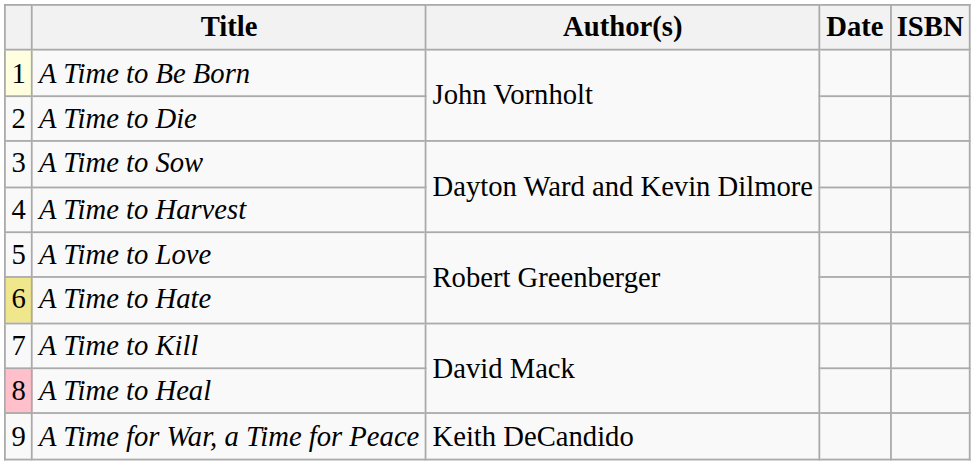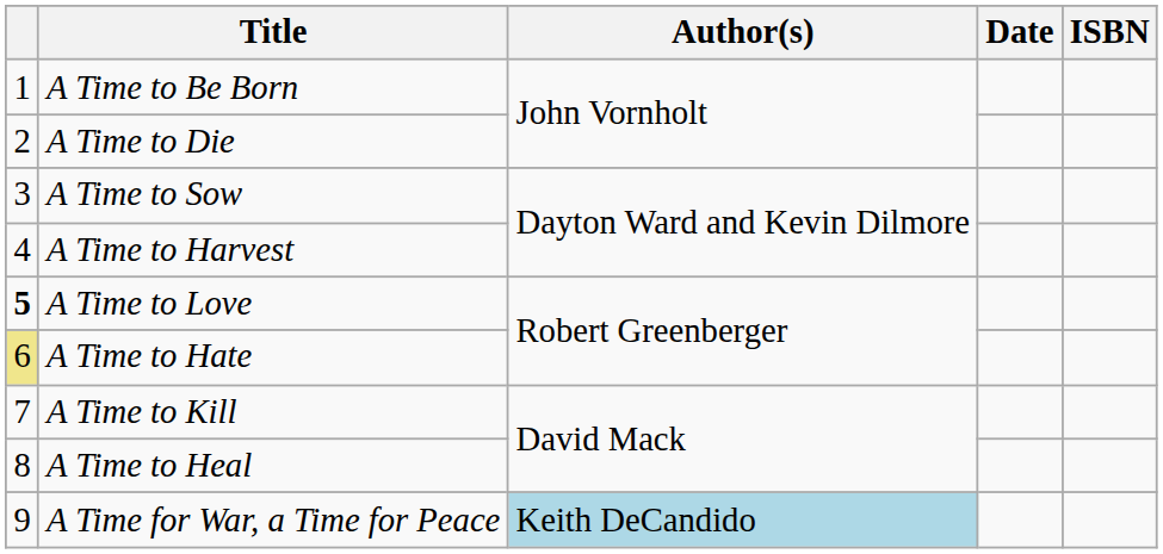 <table class="wikitable">
 <tr>
 <th></th>
 <th>Title</th>
 <th>Author(s)</th>
 <th>Date</th>
 <th>ISBN</th>
 </tr>
 <tr>
-<td style="background: lightyellow;">1</td>
+<td>1</td>
 <td><em>A Time to Be Born</em></td>
 <td rowspan="2">John Vornholt</td>
 <td></td>
 <td></td>
 </tr>
 <tr>
 <td>2</td>
 <td><em>A Time to Die</em></td>
 <td></td>
 <td></td>
 </tr>
 <tr>
 <td>3</td>
 <td><em>A Time to Sow</em></td>
 <td rowspan="2">Dayton Ward and Kevin Dilmore</td>
 <td></td>
 <td></td>
 </tr>
 <tr>
 <td>4</td>
 <td><em>A Time to Harvest</em></td>
 <td></td>
 <td></td>
 </tr>
 <tr>
-<td>5</td>
+<td><strong>5</strong></td>
 <td><em>A Time to Love</em></td>
 <td rowspan="2">Robert Greenberger</td>
 <td></td>
 <td></td>
 </tr>
 <tr>
 <td style="background: khaki;">6</td>
 <td><em>A Time to Hate</em></td>
 <td></td>
 <td></td>
 </tr>
 <tr>
 <td>7</td>
 <td><em>A Time to Kill</em></td>
 <td rowspan="2">David Mack</td>
 <td></td>
 <td></td>
 </tr>
 <tr>
-<td style="background: pink;">8</td>
+<td>8</td>
 <td><em>A Time to Heal</em></td>
 <td></td>
 <td></td>
 </tr>
 <tr>
 <td>9</td>
 <td><em>A Time for War, a Time for Peace</em></td>
-<td>Keith DeCandido</td>
+<td style="background: lightblue;">Keith DeCandido</td>
 <td></td>
 <td></td>
 </tr>
 </table>
